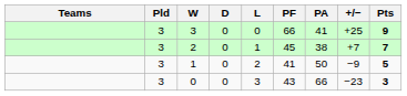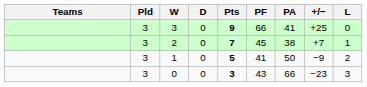 <table class="wikitable" style="text-align: center;">
 <tr>
 <th width="200">Teams</th>
 <th width="40">Pld</th>
 <th width="40">W</th>
 <th width="40">D</th>
-<th width="40">L</th>
+<th width="40">Pts</th>
 <th width="40">PF</th>
 <th width="40">PA</th>
 <th width="40">+/−</th>
-<th width="40">Pts</th>
+<th width="40">L</th>
 </tr>
 <tr bgcolor=ccffcc>
 <td align=left></td>
 <td>3</td>
 <td>3</td>
 <td>0</td>
-<td>0</td>
+<td><strong>9</strong></td>
 <td>66</td>
 <td>41</td>
 <td>+25</td>
-<td><strong>9</strong></td>
+<td>0</td>
 </tr>
 <tr bgcolor=ccffcc>
 <td align=left></td>
 <td>3</td>
 <td>2</td>
 <td>0</td>
-<td>1</td>
+<td><strong>7</strong></td>
 <td>45</td>
 <td>38</td>
 <td>+7</td>
-<td><strong>7</strong></td>
+<td>1</td>
 </tr>
 <tr>
 <td align=left></td>
 <td>3</td>
 <td>1</td>
 <td>0</td>
-<td>2</td>
+<td><strong>5</strong></td>
 <td>41</td>
 <td>50</td>
 <td>−9</td>
-<td><strong>5</strong></td>
+<td>2</td>
 </tr>
 <tr>
 <td align=left></td>
 <td>3</td>
 <td>0</td>
 <td>0</td>
-<td>3</td>
+<td><strong>3</strong></td>
 <td>43</td>
 <td>66</td>
 <td>−23</td>
-<td><strong>3</strong></td>
+<td>3</td>
 </tr>
 </table>
